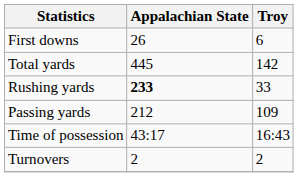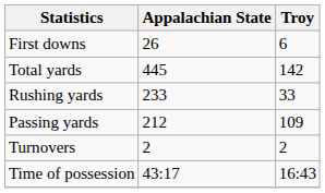 <table class="wikitable">
 <tr>
 <th>Statistics</th>
 <th>Appalachian State</th>
 <th>Troy</th>
 </tr>
 <tr>
 <td>First downs</td>
 <td>26</td>
 <td>6</td>
 </tr>
 <tr>
 <td>Total yards</td>
 <td>445</td>
 <td>142</td>
 </tr>
 <tr>
 <td>Rushing yards</td>
-<td><strong>233</strong></td>
+<td>233</td>
 <td>33</td>
 </tr>
 <tr>
 <td>Passing yards</td>
 <td>212</td>
 <td>109</td>
 </tr>
 <tr>
+<td>Turnovers</td>
+<td>2</td>
+<td>2</td>
+</tr>
+<tr>
 <td>Time of possession</td>
 <td>43:17</td>
 <td>16:43</td>
 </tr>
 <tr>
-<td>Turnovers</td>
-<td>2</td>
-<td>2</td>
-</tr>
-<tr>
 </tr>
 </table>
